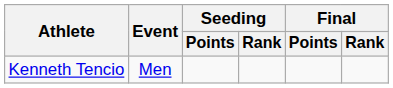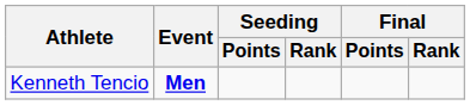 <table class=wikitable style=font-size:90%;text-align:center>
 <tr>
 <th rowspan=2>Athlete</th>
 <th rowspan=2>Event</th>
 <th colspan=2>Seeding</th>
 <th colspan=2>Final</th>
 </tr>
 <tr style=font-size:95%>
 <th>Points</th>
 <th>Rank</th>
 <th>Points</th>
 <th>Rank</th>
 </tr>
 <tr>
 <td><a href='#'>Kenneth Tencio</a></td>
-<td align=center><a href='#'>Men</a></td>
+<td align=center><strong><a href='#'>Men</a></strong></td>
 <td></td>
 <td></td>
 <td></td>
 <td></td>
 </tr>
 </table>
